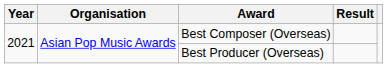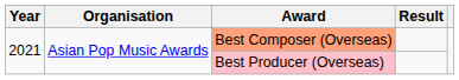 <table class="wikitable plainrowheaders">
 <tr align=center>
 <th scope="col">Year</th>
 <th scope="col">Organisation</th>
 <th scope="col">Award</th>
 <th scope="col">Result</th>
 <th scope="col"></th>
 </tr>
 <tr>
 <td align="center" rowspan="2">2021</td>
 <td rowspan="2"><a href='#'>Asian Pop Music Awards</a></td>
-<td>Best Composer (Overseas)</td>
+<td style="background: lightsalmon;">Best Composer (Overseas)</td>
 <td></td>
 <td rowspan="2" style="text-align:center"></td>
 </tr>
 <tr>
-<td>Best Producer (Overseas)</td>
+<td style="background: pink;">Best Producer (Overseas)</td>
 <td></td>
 </tr>
 </table>
